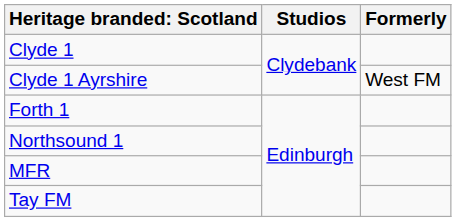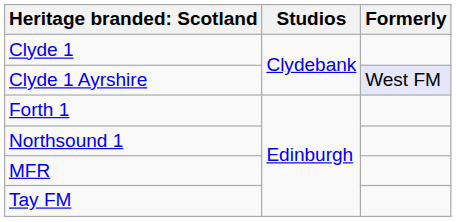 <table class="wikitable sortable">
 <tr>
 <th>Heritage branded: Scotland</th>
 <th>Studios</th>
 <th>Formerly</th>
 </tr>
 <tr>
 <td><a href='#'>Clyde 1</a></td>
 <td rowspan=2><a href='#'>Clydebank</a></td>
 <td></td>
 </tr>
 <tr>
 <td><a href='#'>Clyde 1 Ayrshire</a></td>
-<td>West FM</td>
+<td style="background: lavender;">West FM</td>
 </tr>
 <tr>
 <td><a href='#'>Forth 1</a></td>
 <td rowspan=4><a href='#'>Edinburgh</a></td>
 <td></td>
 </tr>
 <tr>
 <td><a href='#'>Northsound 1</a></td>
 <td></td>
 </tr>
 <tr>
 <td><a href='#'>MFR</a></td>
 <td></td>
 </tr>
 <tr>
 <td><a href='#'>Tay FM</a></td>
 <td></td>
 </tr>
 </table>
